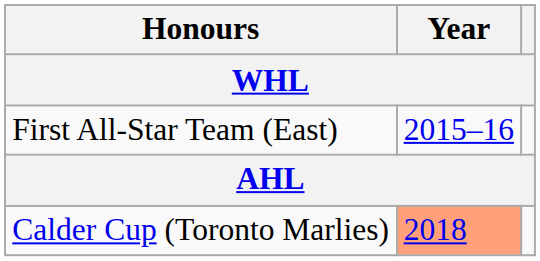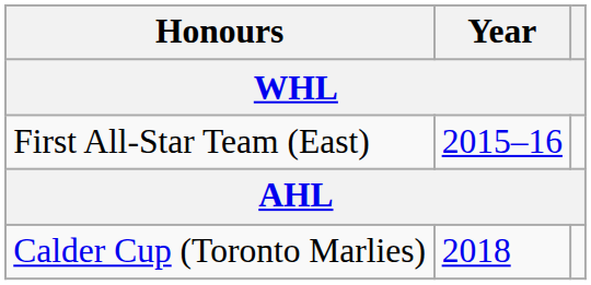 <table class="wikitable">
 <tr>
 <th>Honours</th>
 <th>Year</th>
 <th></th>
 </tr>
 <tr>
 <th colspan="3"><a href='#'>WHL</a></th>
 </tr>
 <tr>
 <td>First All-Star Team (East)</td>
 <td><a href='#'>2015–16</a></td>
 <td></td>
 </tr>
 <tr>
 <th colspan="3"><a href='#'>AHL</a></th>
 </tr>
 <tr>
 <td><a href='#'>Calder Cup</a> (Toronto Marlies)</td>
-<td style="background: lightsalmon;"><a href='#'>2018</a></td>
+<td><a href='#'>2018</a></td>
 <td></td>
 </tr>
 </table>
